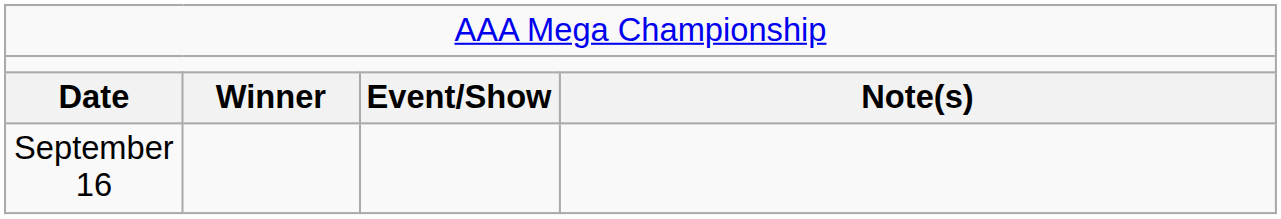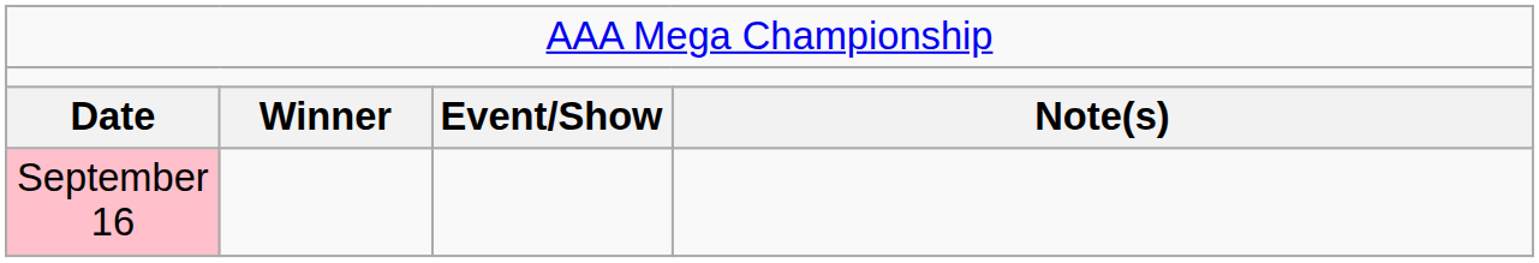 <table class="wikitable" style="text-align:center; width:100%;">
 <tr>
 <td colspan="5"><a href='#'>AAA Mega Championship</a></td>
 </tr>
 <tr>
 <td colspan="5"><strong></strong></td>
 </tr>
 <tr>
 <th width="14%">Date</th>
 <th width="14%">Winner</th>
 <th width="14%">Event/Show</th>
 <th width="58%">Note(s)</th>
 </tr>
 <tr>
-<td>September 16</td>
+<td style="background: pink;">September 16</td>
 <td></td>
 <td></td>
 <td align="left"></td>
 </tr>
 </table>
